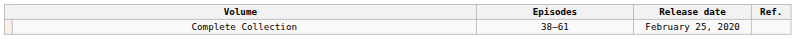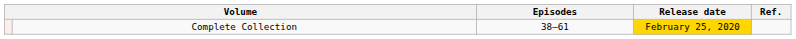 <table class="wikitable" style="text-align: center; width: 70%;">
 <tr>
 <th colspan="2">Volume</th>
 <th width="20%">Episodes</th>
 <th width="15%">Release date</th>
 <th width="5%">Ref.</th>
 </tr>
 <tr>
 <td rowspan="1" width="1%" style="background: #FCEFE9;"></td>
 <td>Complete Collection</td>
 <td>38–61</td>
-<td>February 25, 2020</td>
+<td style="background: gold;">February 25, 2020</td>
 <td></td>
 </tr>
 </table>
